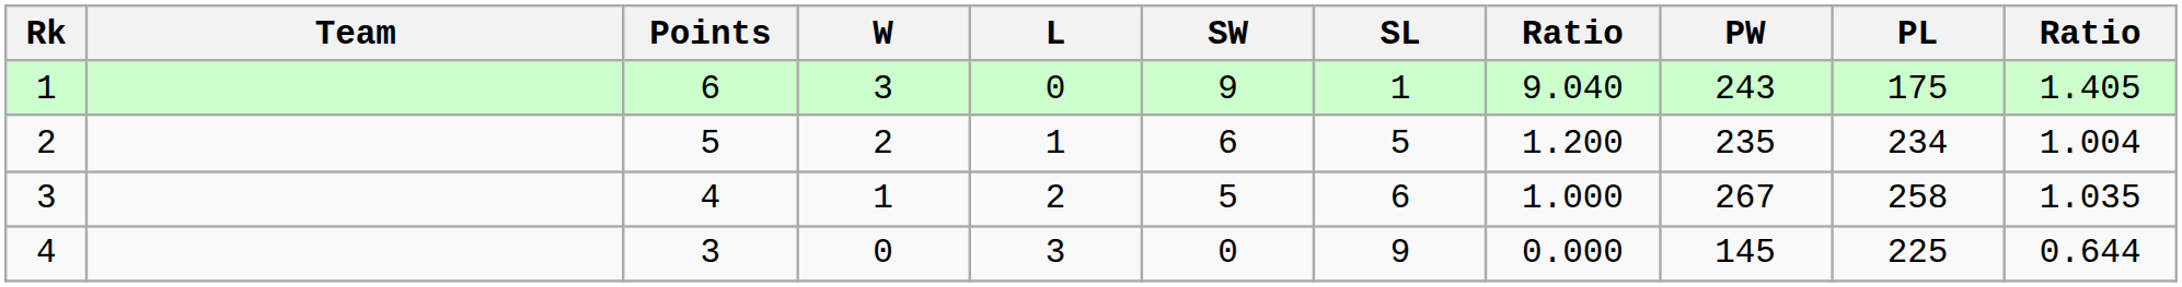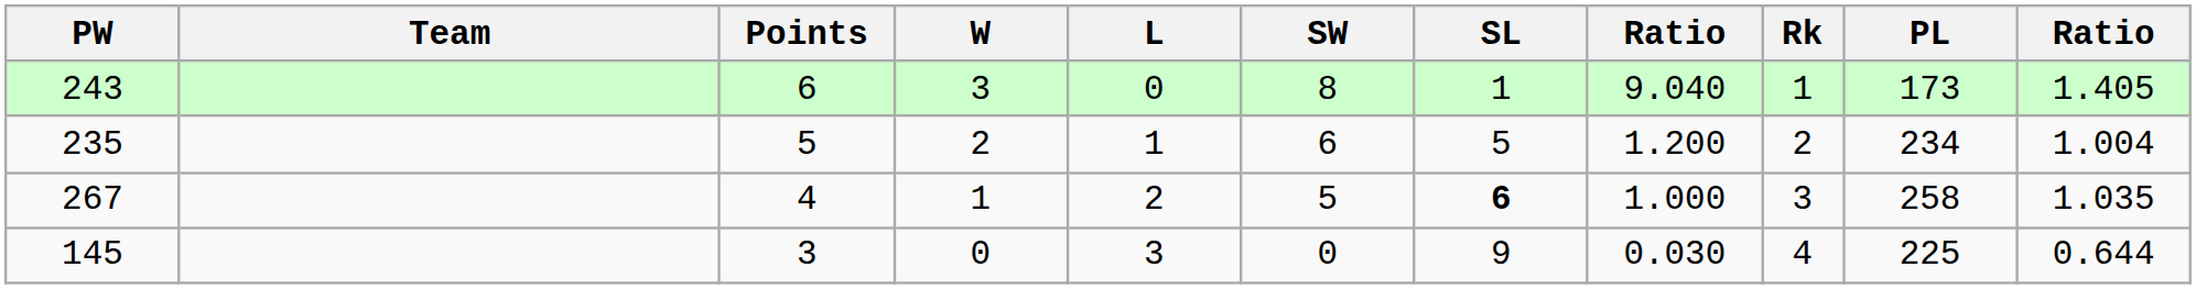 <table class=wikitable style=text-align:center>
 <tr>
-<th width=25>Rk</th>
+<th width=60>PW</th>
 <th width=200>Team</th>
 <th width=60>Points</th>
 <th width=60>W</th>
 <th width=60>L</th>
 <th width=60>SW</th>
 <th width=60>SL</th>
 <th width=60>Ratio</th>
-<th width=60>PW</th>
+<th width=25>Rk</th>
 <th width=60>PL</th>
 <th width=60>Ratio</th>
 </tr>
 <tr style="background: #ccffcc">
-<td>1</td>
+<td>243</td>
 <td align=left></td>
 <td>6</td>
 <td>3</td>
 <td>0</td>
-<td>9</td>
+<td>8</td>
 <td>1</td>
 <td>9.040</td>
-<td>243</td>
-<td>175</td>
+<td>1</td>
+<td>173</td>
 <td>1.405</td>
 </tr>
 <tr>
-<td>2</td>
+<td>235</td>
 <td align=left></td>
 <td>5</td>
 <td>2</td>
 <td>1</td>
 <td>6</td>
 <td>5</td>
 <td>1.200</td>
-<td>235</td>
+<td>2</td>
 <td>234</td>
 <td>1.004</td>
 </tr>
 <tr>
-<td>3</td>
+<td>267</td>
 <td align=left></td>
 <td>4</td>
 <td>1</td>
 <td>2</td>
 <td>5</td>
-<td>6</td>
+<td><strong>6</strong></td>
 <td>1.000</td>
-<td>267</td>
+<td>3</td>
 <td>258</td>
 <td>1.035</td>
 </tr>
 <tr>
-<td>4</td>
+<td>145</td>
 <td align=left></td>
 <td>3</td>
 <td>0</td>
 <td>3</td>
 <td>0</td>
 <td>9</td>
-<td>0.000</td>
-<td>145</td>
+<td>0.030</td>
+<td>4</td>
 <td>225</td>
 <td>0.644</td>
 </tr>
 </table>
